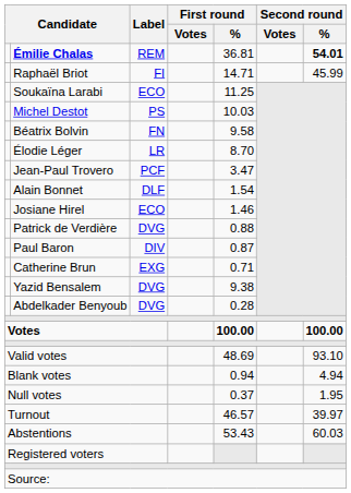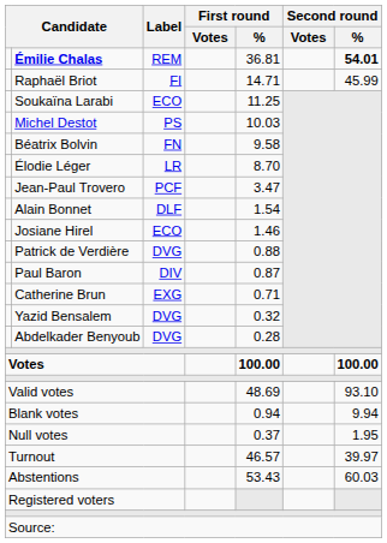 <table class="wikitable" style="text-align:right;font-size:95%;">
 <tr>
 <th rowspan="2" colspan="2">Candidate</th>
 <th rowspan="2">Label</th>
 <th colspan="2">First round</th>
 <th colspan="2">Second round</th>
 </tr>
 <tr>
 <th style="width:50px;">Votes</th>
 <th style="width:45px;">%</th>
 <th style="width:50px;">Votes</th>
 <th style="width:45px;">%</th>
 </tr>
 <tr>
 <td style="color:inherit;background:"></td>
 <td style="text-align:left;"><strong><a href='#'>Émilie Chalas</a></strong></td>
 <td><a href='#'>REM</a></td>
 <td></td>
 <td>36.81</td>
 <td><strong></strong></td>
 <td><strong>54.01</strong></td>
 </tr>
 <tr>
 <td style="color:inherit;background:"></td>
 <td style="text-align:left;">Raphaël Briot</td>
 <td><a href='#'>FI</a></td>
 <td></td>
 <td>14.71</td>
 <td></td>
 <td>45.99</td>
 </tr>
 <tr>
 <td style="color:inherit;background:"></td>
 <td style="text-align:left;">Soukaïna Larabi</td>
 <td><a href='#'>ECO</a></td>
 <td></td>
 <td>11.25</td>
 <td colspan="2" rowspan="12" style="background:#E9E9E9;"></td>
 </tr>
 <tr>
 <td style="color:inherit;background:"></td>
 <td style="text-align:left;"><a href='#'>Michel Destot</a></td>
 <td><a href='#'>PS</a></td>
 <td></td>
 <td>10.03</td>
 </tr>
 <tr>
 <td style="color:inherit;background:"></td>
 <td style="text-align:left;">Béatrix Bolvin</td>
 <td><a href='#'>FN</a></td>
 <td></td>
 <td>9.58</td>
 </tr>
 <tr>
 <td style="color:inherit;background:"></td>
 <td style="text-align:left;">Élodie Léger</td>
 <td><a href='#'>LR</a></td>
 <td></td>
 <td>8.70</td>
 </tr>
 <tr>
 <td style="color:inherit;background:"></td>
 <td style="text-align:left;">Jean-Paul Trovero</td>
 <td><a href='#'>PCF</a></td>
 <td></td>
 <td>3.47</td>
 </tr>
 <tr>
 <td style="color:inherit;background:"></td>
 <td style="text-align:left;">Alain Bonnet</td>
 <td><a href='#'>DLF</a></td>
 <td></td>
 <td>1.54</td>
 </tr>
 <tr>
 <td style="color:inherit;background:"></td>
 <td style="text-align:left;">Josiane Hirel</td>
 <td><a href='#'>ECO</a></td>
 <td></td>
 <td>1.46</td>
 </tr>
 <tr>
 <td style="color:inherit;background:"></td>
 <td style="text-align:left;">Patrick de Verdière</td>
 <td><a href='#'>DVG</a></td>
 <td></td>
 <td>0.88</td>
 </tr>
 <tr>
 <td style="color:inherit;background:"></td>
 <td style="text-align:left;">Paul Baron</td>
 <td><a href='#'>DIV</a></td>
 <td></td>
 <td>0.87</td>
 </tr>
 <tr>
 <td style="color:inherit;background:"></td>
 <td style="text-align:left;">Catherine Brun</td>
 <td><a href='#'>EXG</a></td>
 <td></td>
 <td>0.71</td>
 </tr>
 <tr>
 <td style="color:inherit;background:"></td>
 <td style="text-align:left;">Yazid Bensalem</td>
 <td><a href='#'>DVG</a></td>
 <td></td>
-<td>9.38</td>
+<td>0.32</td>
 </tr>
 <tr>
 <td style="color:inherit;background:"></td>
 <td style="text-align:left;">Abdelkader Benyoub</td>
 <td><a href='#'>DVG</a></td>
 <td></td>
 <td>0.28</td>
 </tr>
 <tr>
 <td colspan="7" style="background:#E9E9E9;"></td>
 </tr>
 <tr style="font-weight:bold;">
 <td colspan="3" style="text-align:left;">Votes</td>
 <td></td>
 <td>100.00</td>
 <td></td>
 <td>100.00</td>
 </tr>
 <tr>
 <td colspan="7" style="background:#E9E9E9;"></td>
 </tr>
 <tr>
 <td colspan="3" style="text-align:left;">Valid votes</td>
 <td></td>
 <td>48.69</td>
 <td></td>
 <td>93.10</td>
 </tr>
 <tr>
 <td colspan="3" style="text-align:left;">Blank votes</td>
 <td></td>
 <td>0.94</td>
 <td></td>
-<td>4.94</td>
+<td>9.94</td>
 </tr>
 <tr>
 <td colspan="3" style="text-align:left;">Null votes</td>
 <td></td>
 <td>0.37</td>
 <td></td>
 <td>1.95</td>
 </tr>
 <tr>
 <td colspan="3" style="text-align:left;">Turnout</td>
 <td></td>
 <td>46.57</td>
 <td></td>
 <td>39.97</td>
 </tr>
 <tr>
 <td colspan="3" style="text-align:left;">Abstentions</td>
 <td></td>
 <td>53.43</td>
 <td></td>
 <td>60.03</td>
 </tr>
 <tr>
 <td colspan="3" style="text-align:left;">Registered voters</td>
 <td></td>
 <td style="color:inherit;background:#E9E9E9;"></td>
 <td></td>
 <td style="color:inherit;background:#E9E9E9;"></td>
 </tr>
 <tr>
 <td colspan="7" style="background:#E9E9E9;"></td>
 </tr>
 <tr>
 <td colspan="7" style="text-align:left;">Source: </td>
 </tr>
 </table>
